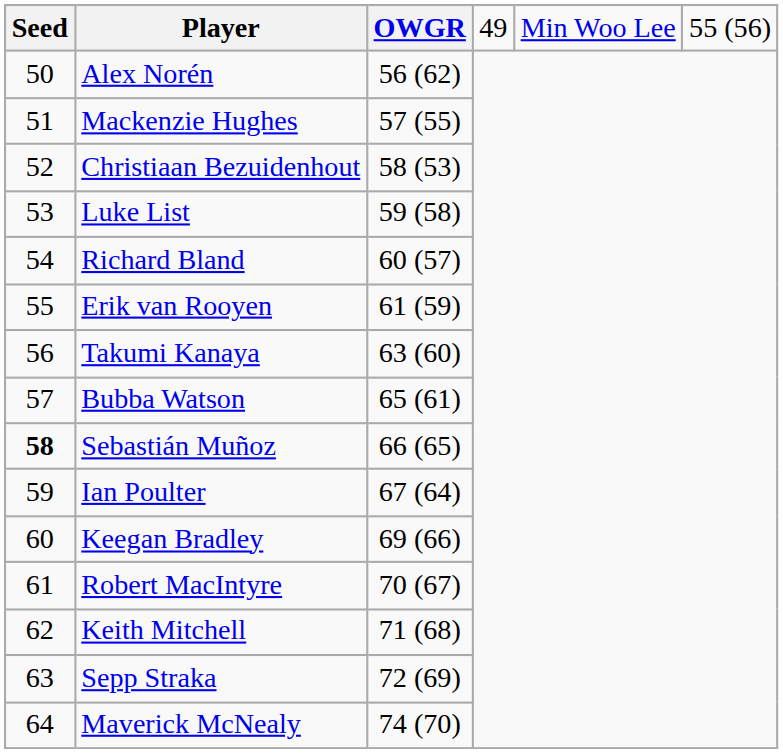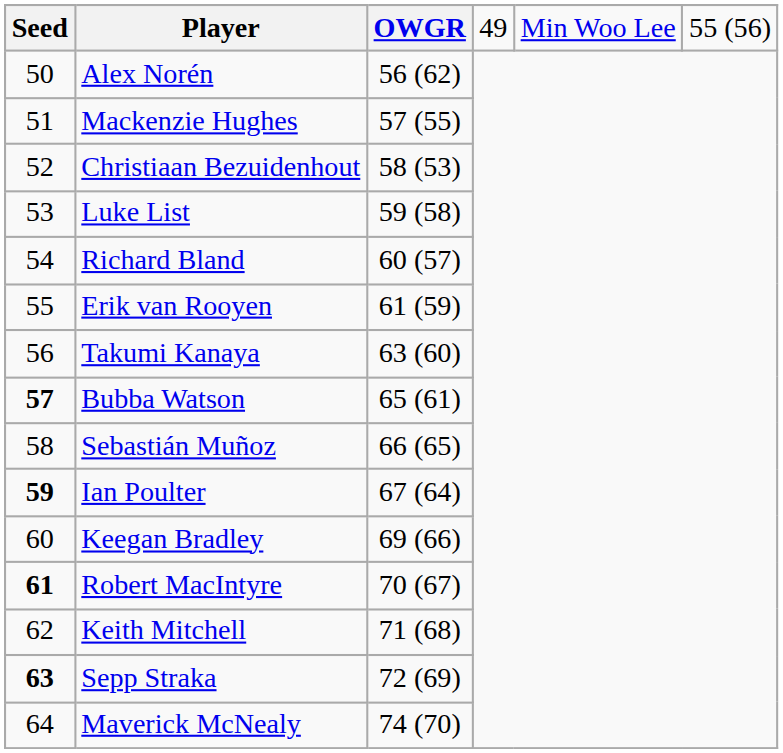 <table class=wikitable style=font-size:85%;text-align:center>
 <tr>
 <th>Seed</th>
 <th>Player</th>
 <th><a href='#'>OWGR</a></th>
 <td>49</td>
 <td style="text-align:left;"> <a href='#'>Min Woo Lee</a></td>
 <td>55 (56)</td>
 </tr>
 <tr>
 <td>50</td>
 <td style="text-align:left;"> <a href='#'>Alex Norén</a></td>
 <td>56 (62)</td>
 </tr>
 <tr>
 <td>51</td>
 <td style="text-align:left;"> <a href='#'>Mackenzie Hughes</a></td>
 <td>57 (55)</td>
 </tr>
 <tr>
 <td>52</td>
 <td style="text-align:left;"> <a href='#'>Christiaan Bezuidenhout</a></td>
 <td>58 (53)</td>
 </tr>
 <tr>
 <td>53</td>
 <td style="text-align:left;"> <a href='#'>Luke List</a></td>
 <td>59 (58)</td>
 </tr>
 <tr>
 <td>54</td>
 <td style="text-align:left;"> <a href='#'>Richard Bland</a></td>
 <td>60 (57)</td>
 </tr>
 <tr>
 <td>55</td>
 <td style="text-align:left;"> <a href='#'>Erik van Rooyen</a></td>
 <td>61 (59)</td>
 </tr>
 <tr>
 <td>56</td>
 <td style="text-align:left;"> <a href='#'>Takumi Kanaya</a></td>
 <td>63 (60)</td>
 </tr>
 <tr>
-<td>57</td>
+<td><strong>57</strong></td>
 <td style="text-align:left;"> <a href='#'>Bubba Watson</a></td>
 <td>65 (61)</td>
 </tr>
 <tr>
-<td><strong>58</strong></td>
+<td>58</td>
 <td style="text-align:left;"> <a href='#'>Sebastián Muñoz</a></td>
 <td>66 (65)</td>
 </tr>
 <tr>
-<td>59</td>
+<td><strong>59</strong></td>
 <td style="text-align:left;"> <a href='#'>Ian Poulter</a></td>
 <td>67 (64)</td>
 </tr>
 <tr>
 <td>60</td>
 <td style="text-align:left;"> <a href='#'>Keegan Bradley</a></td>
 <td>69 (66)</td>
 </tr>
 <tr>
-<td>61</td>
+<td><strong>61</strong></td>
 <td style="text-align:left;"> <a href='#'>Robert MacIntyre</a></td>
 <td>70 (67)</td>
 </tr>
 <tr>
 <td>62</td>
 <td style="text-align:left;"> <a href='#'>Keith Mitchell</a></td>
 <td>71 (68)</td>
 </tr>
 <tr>
-<td>63</td>
+<td><strong>63</strong></td>
 <td style="text-align:left;"> <a href='#'>Sepp Straka</a></td>
 <td>72 (69)</td>
 </tr>
 <tr>
 <td>64</td>
 <td style="text-align:left;"> <a href='#'>Maverick McNealy</a></td>
 <td>74 (70)</td>
 </tr>
 </table>
